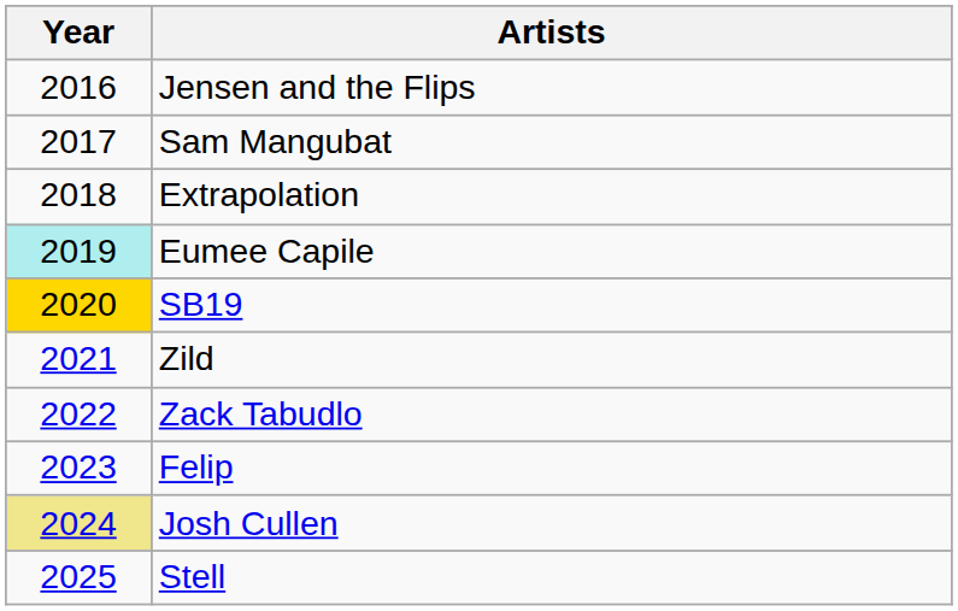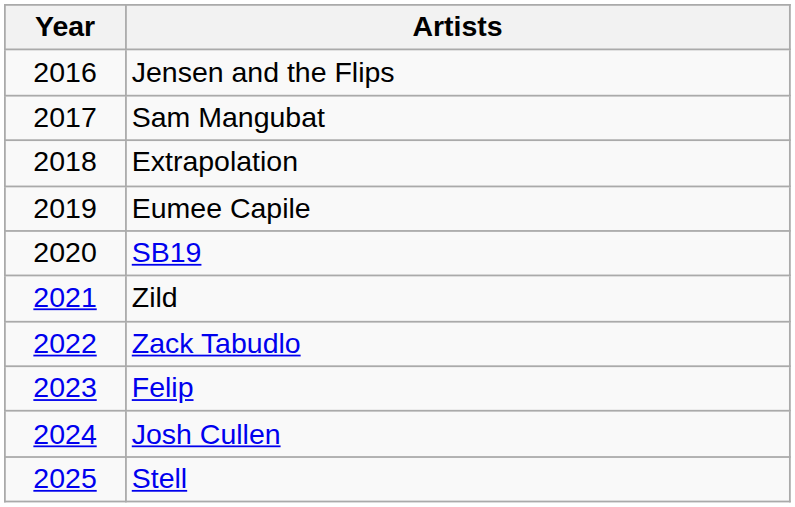 <table class="wikitable sortable"  style="width:50%;">
 <tr>
 <th width=5%  scope="col">Year</th>
 <th ! width=40%  scope="col">Artists</th>
 </tr>
 <tr>
 <td align="center">2016</td>
 <td>Jensen and the Flips</td>
 </tr>
 <tr>
 <td align="center">2017</td>
 <td>Sam Mangubat</td>
 </tr>
 <tr>
 <td align="center">2018</td>
 <td>Extrapolation</td>
 </tr>
 <tr>
-<td align="center" style="background: paleturquoise;">2019</td>
+<td align="center">2019</td>
 <td>Eumee Capile</td>
 </tr>
 <tr>
-<td align="center" style="background: gold;">2020</td>
+<td align="center">2020</td>
 <td><a href='#'>SB19</a></td>
 </tr>
 <tr>
 <td align="center"><a href='#'>2021</a></td>
 <td>Zild</td>
 </tr>
 <tr>
 <td align="center"><a href='#'>2022</a></td>
 <td><a href='#'>Zack Tabudlo</a></td>
 </tr>
 <tr>
 <td align="center"><a href='#'>2023</a></td>
 <td><a href='#'> Felip</a></td>
 </tr>
 <tr>
-<td align="center" style="background: khaki;"><a href='#'>2024</a></td>
+<td align="center"><a href='#'>2024</a></td>
 <td><a href='#'>Josh Cullen</a></td>
 </tr>
 <tr>
 <td align="center"><a href='#'>2025</a></td>
 <td><a href='#'>Stell</a></td>
 </tr>
 </table>
